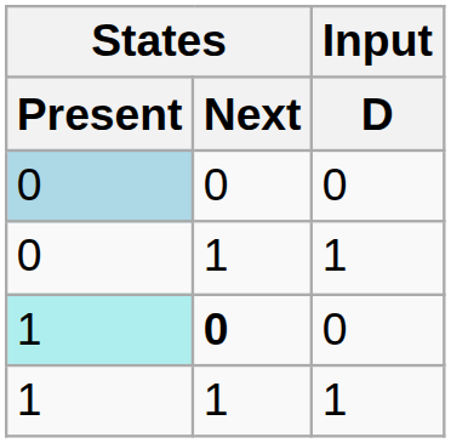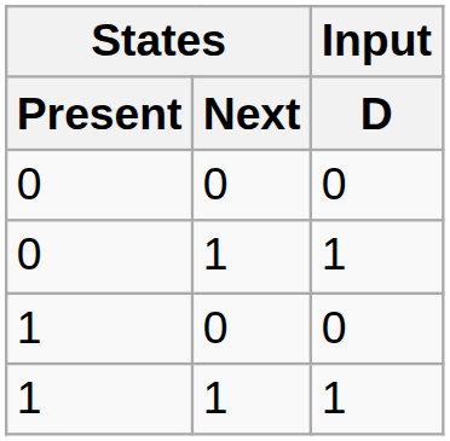 <table class="wikitable" border="1">
 <tr>
 <th colspan="2">States</th>
 <th colspan="1">Input</th>
 </tr>
 <tr>
 <th>Present</th>
 <th>Next</th>
 <th>D</th>
 </tr>
 <tr>
-<td style="background: lightblue;">0</td>
+<td>0</td>
 <td>0</td>
 <td>0</td>
 </tr>
 <tr>
 <td>0</td>
 <td>1</td>
 <td>1</td>
 </tr>
 <tr>
-<td style="background: paleturquoise;">1</td>
-<td><strong>0</strong></td>
+<td>1</td>
+<td>0</td>
 <td>0</td>
 </tr>
 <tr>
 <td>1</td>
 <td>1</td>
 <td>1</td>
 </tr>
 </table>
